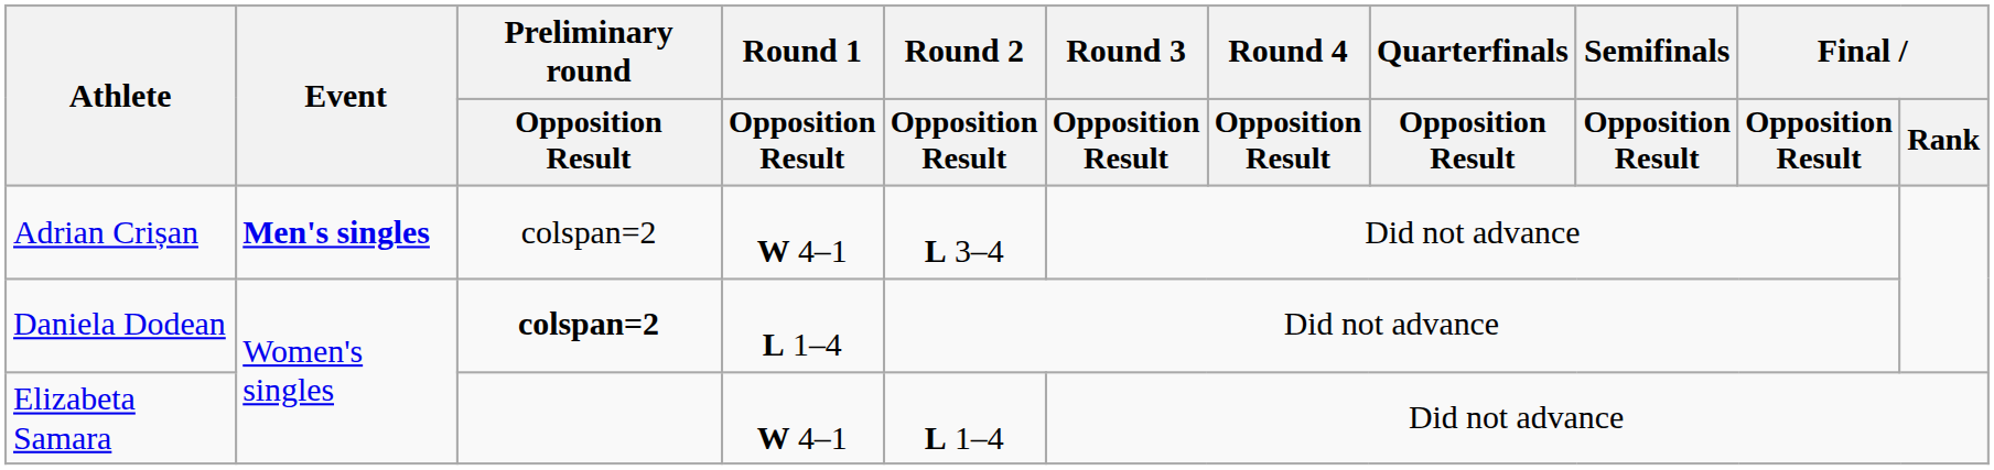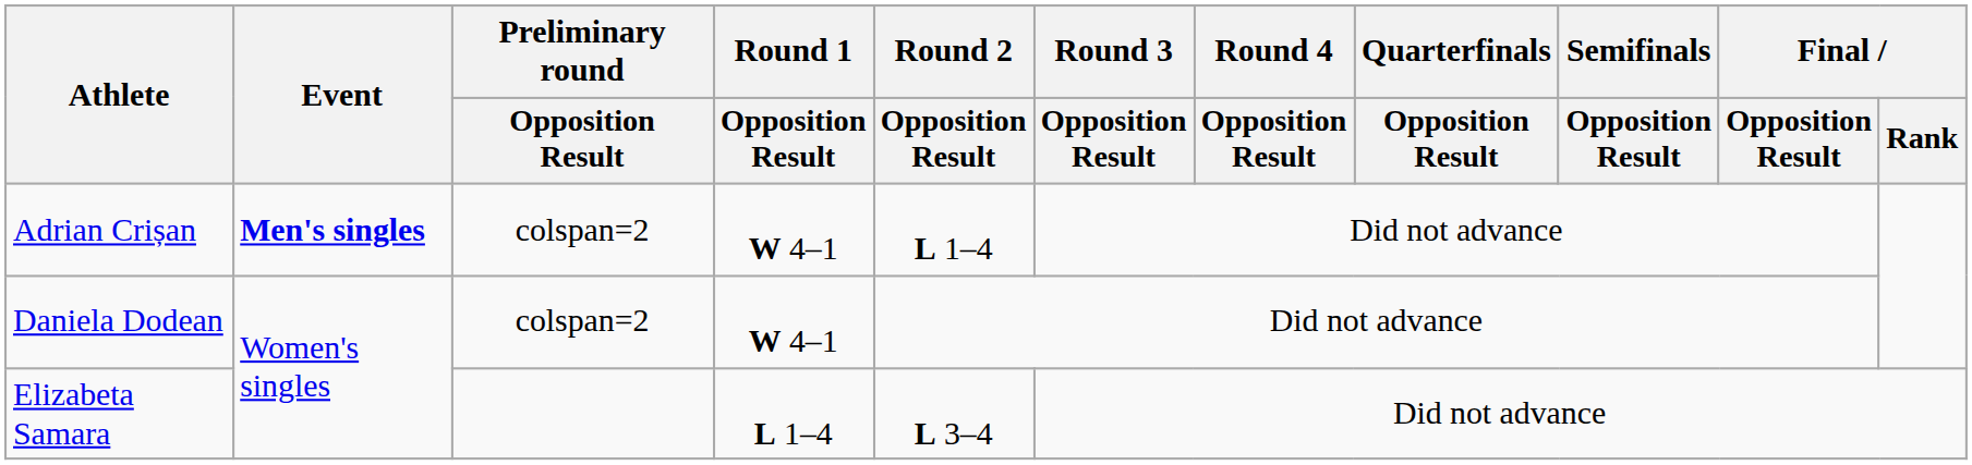 <table class="wikitable" style="font-size:90%">
 <tr>
 <th rowspan="2">Athlete</th>
 <th rowspan="2">Event</th>
 <th>Preliminary round</th>
 <th>Round 1</th>
 <th>Round 2</th>
 <th>Round 3</th>
 <th>Round 4</th>
 <th>Quarterfinals</th>
 <th>Semifinals</th>
 <th colspan=2>Final / </th>
 </tr>
 <tr style="font-size:95%">
 <th>Opposition<br>Result</th>
 <th>Opposition<br>Result</th>
 <th>Opposition<br>Result</th>
 <th>Opposition<br>Result</th>
 <th>Opposition<br>Result</th>
 <th>Opposition<br>Result</th>
 <th>Opposition<br>Result</th>
 <th>Opposition<br>Result</th>
 <th>Rank</th>
 </tr>
 <tr align=center>
 <td align=left><a href='#'>Adrian Crișan</a></td>
 <td align=left><strong><a href='#'>Men's singles</a></strong></td>
 <td>colspan=2 </td>
 <td><br><strong>W</strong> 4–1</td>
-<td><br><strong>L</strong> 3–4</td>
+<td><br><strong>L</strong> 1–4</td>
 <td colspan=5>Did not advance</td>
 </tr>
 <tr align=center>
 <td align=left><a href='#'>Daniela Dodean</a></td>
 <td align=left rowspan=2><a href='#'>Women's singles</a></td>
-<td><strong>colspan=2 </strong></td>
-<td><br><strong>L</strong> 1–4</td>
+<td>colspan=2 </td>
+<td><br><strong>W</strong> 4–1</td>
 <td colspan=6>Did not advance</td>
 </tr>
 <tr align=center>
 <td align=left><a href='#'>Elizabeta Samara</a></td>
 <td></td>
-<td><br><strong>W</strong> 4–1</td>
 <td><br><strong>L</strong> 1–4</td>
+<td><br><strong>L</strong> 3–4</td>
 <td colspan=6>Did not advance</td>
 </tr>
 </table>
